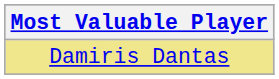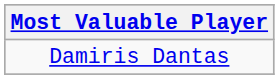 <table class=wikitable style="text-align:center; margin:auto">
 <tr>
 <th><a href='#'>Most Valuable Player</a></th>
 </tr>
 <tr>
-<td style="background: khaki;"> <a href='#'>Damiris Dantas</a></td>
+<td> <a href='#'>Damiris Dantas</a></td>
 </tr>
 </table>
